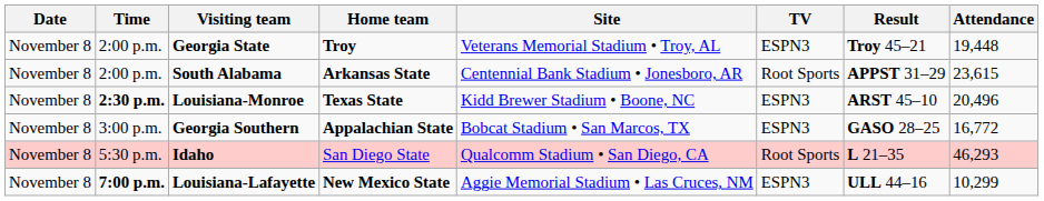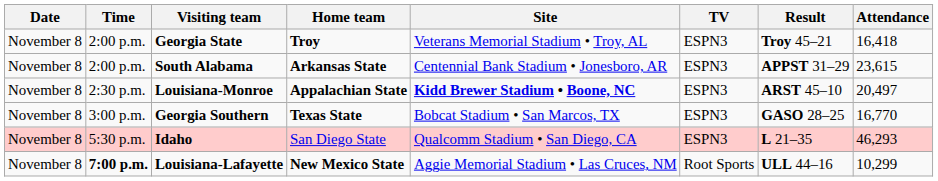 <table class="wikitable" style="font-size:95%;">
 <tr>
 <th>Date</th>
 <th>Time</th>
 <th>Visiting team</th>
 <th>Home team</th>
 <th>Site</th>
 <th>TV</th>
 <th>Result</th>
 <th>Attendance</th>
 </tr>
 <tr style="background:">
 <td>November 8</td>
 <td>2:00 p.m.</td>
 <td><strong>Georgia State</strong></td>
 <td><strong>Troy</strong></td>
 <td><a href='#'>Veterans Memorial Stadium</a> • <a href='#'>Troy, AL</a></td>
 <td>ESPN3</td>
 <td><strong>Troy</strong> 45–21</td>
-<td>19,448</td>
+<td>16,418</td>
 </tr>
 <tr style="background:">
 <td>November 8</td>
 <td>2:00 p.m.</td>
 <td><strong>South Alabama</strong></td>
 <td><strong>Arkansas State</strong></td>
 <td><a href='#'>Centennial Bank Stadium</a> • <a href='#'>Jonesboro, AR</a></td>
-<td>Root Sports</td>
+<td>ESPN3</td>
 <td><strong>APPST</strong> 31–29</td>
 <td>23,615</td>
 </tr>
 <tr style="background:">
 <td>November 8</td>
-<td><strong>2:30 p.m.</strong></td>
+<td>2:30 p.m.</td>
 <td><strong>Louisiana-Monroe</strong></td>
-<td><strong>Texas State</strong></td>
-<td><a href='#'>Kidd Brewer Stadium</a> • <a href='#'>Boone, NC</a></td>
+<td><strong>Appalachian State</strong></td>
+<td><strong><a href='#'>Kidd Brewer Stadium</a> • <a href='#'>Boone, NC</a></strong></td>
 <td>ESPN3</td>
 <td><strong>ARST</strong> 45–10</td>
-<td>20,496</td>
+<td>20,497</td>
 </tr>
 <tr style="background:">
 <td>November 8</td>
 <td>3:00 p.m.</td>
 <td><strong>Georgia Southern</strong></td>
-<td><strong>Appalachian State</strong></td>
+<td><strong>Texas State</strong></td>
 <td><a href='#'>Bobcat Stadium</a> • <a href='#'>San Marcos, TX</a></td>
 <td>ESPN3</td>
 <td><strong>GASO</strong> 28–25</td>
-<td>16,772</td>
+<td>16,770</td>
 </tr>
 <tr style="background:#fcc">
 <td>November 8</td>
 <td>5:30 p.m.</td>
 <td><strong>Idaho</strong></td>
 <td><a href='#'>San Diego State</a></td>
 <td><a href='#'>Qualcomm Stadium</a> • <a href='#'>San Diego, CA</a></td>
-<td>Root Sports</td>
+<td>ESPN3</td>
 <td><strong>L</strong> 21–35</td>
 <td>46,293</td>
 </tr>
 <tr style="background:">
 <td>November 8</td>
 <td><strong>7:00 p.m.</strong></td>
 <td><strong>Louisiana-Lafayette</strong></td>
 <td><strong>New Mexico State</strong></td>
 <td><a href='#'>Aggie Memorial Stadium</a> • <a href='#'>Las Cruces, NM</a></td>
-<td>ESPN3</td>
+<td>Root Sports</td>
 <td><strong>ULL</strong> 44–16</td>
 <td>10,299</td>
 </tr>
 </table>
